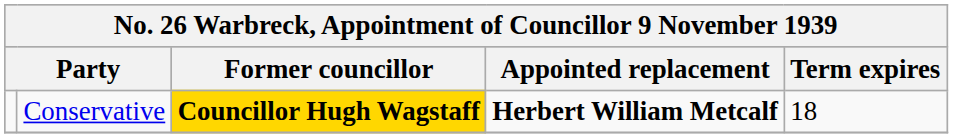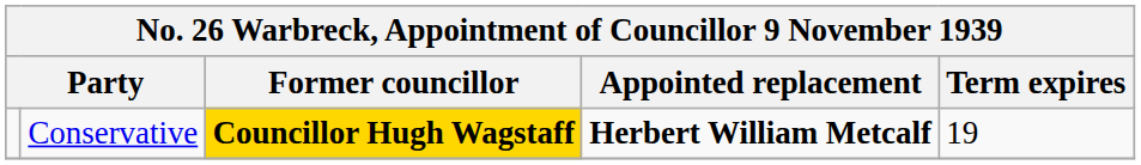 <table class="wikitable">
 <tr>
 <th colspan="5"><strong>No. 26 Warbreck, Appointment of Councillor 9 November 1939</strong></th>
 </tr>
 <tr>
 <th colspan="2">Party</th>
 <th>Former councillor</th>
 <th>Appointed replacement</th>
 <th>Term expires</th>
 </tr>
 <tr>
 <td style="background-color:"></td>
 <td><a href='#'>Conservative</a></td>
 <td style="background: gold;"><strong>Councillor Hugh Wagstaff</strong></td>
 <td><strong>Herbert William Metcalf</strong></td>
-<td>18</td>
+<td>19</td>
 </tr>
 <tr>
 </tr>
 </table>
